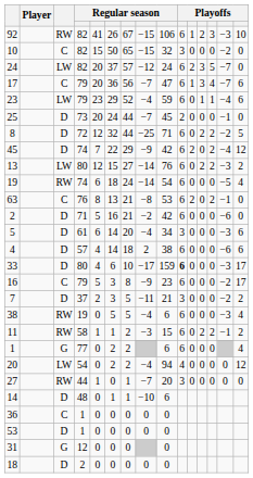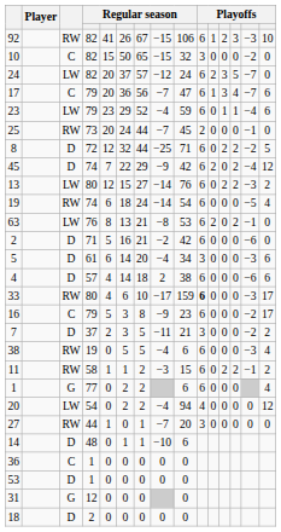 <table class="wikitable sortable plainrowheaders" style="text-align:center;">
 <tr>
 <th scope="col" data-sort-type="number" rowspan="2"></th>
 <th scope="col" rowspan="2">Player</th>
 <th scope="col" rowspan="2"></th>
 <th scope=colgroup colspan=6>Regular season</th>
 <th scope=colgroup colspan=6>Playoffs</th>
 </tr>
 <tr>
 <th scope="col" data-sort-type="number"></th>
 <th scope="col" data-sort-type="number"></th>
 <th scope="col" data-sort-type="number"></th>
 <th scope="col" data-sort-type="number"></th>
 <th scope="col" data-sort-type="number"></th>
 <th scope="col" data-sort-type="number"></th>
 <th scope="col" data-sort-type="number"></th>
 <th scope="col" data-sort-type="number"></th>
 <th scope="col" data-sort-type="number"></th>
 <th scope="col" data-sort-type="number"></th>
 <th scope="col" data-sort-type="number"></th>
 <th scope="col" data-sort-type="number"></th>
 </tr>
 <tr>
 <td scope="row">92</td>
 <td align="left"></td>
 <td>RW</td>
 <td>82</td>
 <td>41</td>
 <td>26</td>
 <td>67</td>
 <td>−15</td>
 <td>106</td>
 <td>6</td>
 <td>1</td>
 <td>2</td>
 <td>3</td>
 <td>−3</td>
 <td>10</td>
 </tr>
 <tr>
 <td scope="row">10</td>
 <td align="left"></td>
 <td>C</td>
 <td>82</td>
 <td>15</td>
 <td>50</td>
 <td>65</td>
 <td>−15</td>
 <td>32</td>
 <td>3</td>
 <td>0</td>
 <td>0</td>
 <td>0</td>
 <td>−2</td>
 <td>0</td>
 </tr>
 <tr>
 <td scope="row">24</td>
 <td align="left"></td>
 <td>LW</td>
 <td>82</td>
 <td>20</td>
 <td>37</td>
 <td>57</td>
 <td>−12</td>
 <td>24</td>
 <td>6</td>
 <td>2</td>
 <td>3</td>
 <td>5</td>
 <td>−7</td>
 <td>0</td>
 </tr>
 <tr>
 <td scope="row">17</td>
 <td align="left"></td>
 <td>C</td>
 <td>79</td>
 <td>20</td>
 <td>36</td>
 <td>56</td>
 <td>−7</td>
 <td>47</td>
 <td>6</td>
 <td>1</td>
 <td>3</td>
 <td>4</td>
 <td>−7</td>
 <td>6</td>
 </tr>
 <tr>
 <td scope="row">23</td>
 <td align="left"></td>
 <td>LW</td>
 <td>79</td>
 <td>23</td>
 <td>29</td>
 <td>52</td>
 <td>−4</td>
 <td>59</td>
 <td>6</td>
 <td>0</td>
 <td>1</td>
 <td>1</td>
 <td>−4</td>
 <td>6</td>
 </tr>
 <tr>
 <td scope="row">25</td>
 <td align="left"></td>
-<td>D</td>
+<td>RW</td>
 <td>73</td>
 <td>20</td>
 <td>24</td>
 <td>44</td>
 <td>−7</td>
 <td>45</td>
 <td>2</td>
 <td>0</td>
 <td>0</td>
 <td>0</td>
 <td>−1</td>
 <td>0</td>
 </tr>
 <tr>
 <td scope="row">8</td>
 <td align="left"></td>
 <td>D</td>
 <td>72</td>
 <td>12</td>
 <td>32</td>
 <td>44</td>
 <td>−25</td>
 <td>71</td>
 <td>6</td>
 <td>0</td>
 <td>2</td>
 <td>2</td>
 <td>−2</td>
 <td>5</td>
 </tr>
 <tr>
 <td scope="row">45</td>
 <td align="left"></td>
 <td>D</td>
 <td>74</td>
 <td>7</td>
 <td>22</td>
 <td>29</td>
 <td>−9</td>
 <td>42</td>
 <td>6</td>
 <td>2</td>
 <td>0</td>
 <td>2</td>
 <td>−4</td>
 <td>12</td>
 </tr>
 <tr>
 <td scope="row">13</td>
 <td align="left"></td>
 <td>LW</td>
 <td>80</td>
 <td>12</td>
 <td>15</td>
 <td>27</td>
 <td>−14</td>
 <td>76</td>
 <td>6</td>
 <td>0</td>
 <td>2</td>
 <td>2</td>
 <td>−3</td>
 <td>2</td>
 </tr>
 <tr>
 <td scope="row">19</td>
 <td align="left"></td>
 <td>RW</td>
 <td>74</td>
 <td>6</td>
 <td>18</td>
 <td>24</td>
 <td>−14</td>
 <td>54</td>
 <td>6</td>
 <td>0</td>
 <td>0</td>
 <td>0</td>
 <td>−5</td>
 <td>4</td>
 </tr>
 <tr>
 <td scope="row">63</td>
 <td align="left"></td>
-<td>C</td>
+<td>LW</td>
 <td>76</td>
 <td>8</td>
 <td>13</td>
 <td>21</td>
 <td>−8</td>
 <td>53</td>
 <td>6</td>
 <td>2</td>
 <td>0</td>
 <td>2</td>
 <td>−1</td>
 <td>0</td>
 </tr>
 <tr>
 <td scope="row">2</td>
 <td align="left"></td>
 <td>D</td>
 <td>71</td>
 <td>5</td>
 <td>16</td>
 <td>21</td>
 <td>−2</td>
 <td>42</td>
 <td>6</td>
 <td>0</td>
 <td>0</td>
 <td>0</td>
 <td>−6</td>
 <td>0</td>
 </tr>
 <tr>
 <td scope="row">5</td>
 <td align="left"></td>
 <td>D</td>
 <td>61</td>
 <td>6</td>
 <td>14</td>
 <td>20</td>
 <td>−4</td>
 <td>34</td>
 <td>3</td>
 <td>0</td>
 <td>0</td>
 <td>0</td>
 <td>−3</td>
 <td>6</td>
 </tr>
 <tr>
 <td scope="row">4</td>
 <td align="left"></td>
 <td>D</td>
 <td>57</td>
 <td>4</td>
 <td>14</td>
 <td>18</td>
 <td>2</td>
 <td>38</td>
 <td>6</td>
 <td>0</td>
 <td>0</td>
 <td>0</td>
 <td>−6</td>
 <td>6</td>
 </tr>
 <tr>
 <td scope="row">33</td>
 <td align="left"></td>
-<td>D</td>
+<td>RW</td>
 <td>80</td>
 <td>4</td>
 <td>6</td>
 <td>10</td>
 <td>−17</td>
 <td>159</td>
 <td><strong>6</strong></td>
 <td>0</td>
 <td>0</td>
 <td>0</td>
 <td>−3</td>
 <td>17</td>
 </tr>
 <tr>
 <td scope="row">16</td>
 <td align="left"></td>
 <td>C</td>
 <td>79</td>
 <td>5</td>
 <td>3</td>
 <td>8</td>
 <td>−9</td>
 <td>23</td>
 <td>6</td>
 <td>0</td>
 <td>0</td>
 <td>0</td>
 <td>−2</td>
 <td>17</td>
 </tr>
 <tr>
 <td scope="row">7</td>
 <td align="left"></td>
 <td>D</td>
 <td>37</td>
 <td>2</td>
 <td>3</td>
 <td>5</td>
 <td>−11</td>
 <td>21</td>
 <td>3</td>
 <td>0</td>
 <td>0</td>
 <td>0</td>
 <td>−2</td>
 <td>2</td>
 </tr>
 <tr>
 <td scope="row">38</td>
 <td align="left"></td>
 <td>RW</td>
 <td>19</td>
 <td>0</td>
 <td>5</td>
 <td>5</td>
 <td>−4</td>
 <td>6</td>
 <td>6</td>
 <td>0</td>
 <td>0</td>
 <td>0</td>
 <td>−3</td>
 <td>4</td>
 </tr>
 <tr>
 <td scope="row">11</td>
 <td align="left"></td>
 <td>RW</td>
 <td>58</td>
 <td>1</td>
 <td>1</td>
 <td>2</td>
 <td>−3</td>
 <td>15</td>
 <td>6</td>
 <td>0</td>
 <td>2</td>
 <td>2</td>
 <td>−1</td>
 <td>2</td>
 </tr>
 <tr>
 <td scope="row">1</td>
 <td align="left"></td>
 <td>G</td>
 <td>77</td>
 <td>0</td>
 <td>2</td>
 <td>2</td>
 <td style="background:#ccc"></td>
 <td>6</td>
 <td>6</td>
 <td>0</td>
 <td>0</td>
 <td>0</td>
 <td style="background:#ccc"></td>
 <td>4</td>
 </tr>
 <tr>
 <td scope="row">20</td>
 <td align="left"></td>
 <td>LW</td>
 <td>54</td>
 <td>0</td>
 <td>2</td>
 <td>2</td>
 <td>−4</td>
 <td>94</td>
 <td>4</td>
 <td>0</td>
 <td>0</td>
 <td>0</td>
 <td>0</td>
 <td>12</td>
 </tr>
 <tr>
 <td scope="row">27</td>
 <td align="left"></td>
 <td>RW</td>
 <td>44</td>
 <td>1</td>
 <td>0</td>
 <td>1</td>
 <td>−7</td>
 <td>20</td>
 <td>3</td>
 <td>0</td>
 <td>0</td>
 <td>0</td>
 <td>0</td>
 <td>0</td>
 </tr>
 <tr>
 <td scope="row">14</td>
 <td align="left"></td>
 <td>D</td>
 <td>48</td>
 <td>0</td>
 <td>1</td>
 <td>1</td>
 <td>−10</td>
 <td>6</td>
 <td></td>
 <td></td>
 <td></td>
 <td></td>
 <td></td>
 <td></td>
 </tr>
 <tr>
 <td scope="row">36</td>
 <td align="left"></td>
 <td>C</td>
 <td>1</td>
 <td>0</td>
 <td>0</td>
 <td>0</td>
 <td>0</td>
 <td>0</td>
 <td></td>
 <td></td>
 <td></td>
 <td></td>
 <td></td>
 <td></td>
 </tr>
 <tr>
 <td scope="row">53</td>
 <td align="left"></td>
 <td>D</td>
 <td>1</td>
 <td>0</td>
 <td>0</td>
 <td>0</td>
 <td>0</td>
 <td>0</td>
 <td></td>
 <td></td>
 <td></td>
 <td></td>
 <td></td>
 <td></td>
 </tr>
 <tr>
 <td scope="row">31</td>
 <td align="left"></td>
 <td>G</td>
 <td>12</td>
 <td>0</td>
 <td>0</td>
 <td>0</td>
 <td style="background:#ccc"></td>
 <td>0</td>
 <td></td>
 <td></td>
 <td></td>
 <td></td>
 <td></td>
 <td></td>
 </tr>
 <tr>
 <td scope="row">18</td>
 <td align="left"></td>
 <td>D</td>
 <td>2</td>
 <td>0</td>
 <td>0</td>
 <td>0</td>
 <td>0</td>
 <td>0</td>
 <td></td>
 <td></td>
 <td></td>
 <td></td>
 <td></td>
 <td></td>
 </tr>
 </table>
